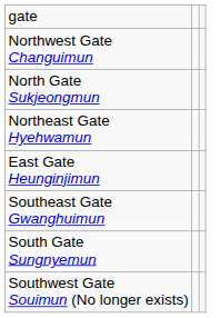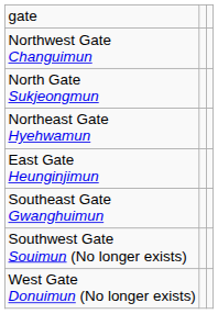 <table class="wikitable">
 <tr>
 <td>gate</td>
 <td></td>
 <td></td>
 </tr>
 <tr>
 <td>Northwest Gate<br><em><a href='#'>Changuimun</a></em></td>
 <td></td>
 <td></td>
 </tr>
 <tr>
 <td>North Gate<br><em><a href='#'>Sukjeongmun</a></em></td>
 <td></td>
 <td></td>
 </tr>
 <tr>
 <td>Northeast Gate<br><em><a href='#'>Hyehwamun</a></em></td>
 <td></td>
 <td></td>
 </tr>
 <tr>
 <td>East Gate<br><em><a href='#'>Heunginjimun</a></em></td>
 <td></td>
 <td></td>
 </tr>
 <tr>
 <td>Southeast Gate<br><em><a href='#'>Gwanghuimun</a></em></td>
 <td></td>
 <td></td>
 </tr>
 <tr>
-<td>South Gate<br><em><a href='#'>Sungnyemun</a></em></td>
+<td>Southwest Gate<br><em><a href='#'>Souimun</a></em> (No longer exists)</td>
 <td></td>
 <td></td>
 </tr>
 <tr>
-<td>Southwest Gate<br><em><a href='#'>Souimun</a></em> (No longer exists)</td>
+<td>West Gate<br><em><a href='#'>Donuimun</a></em> (No longer exists)</td>
 <td></td>
 <td></td>
 </tr>
 </table>
